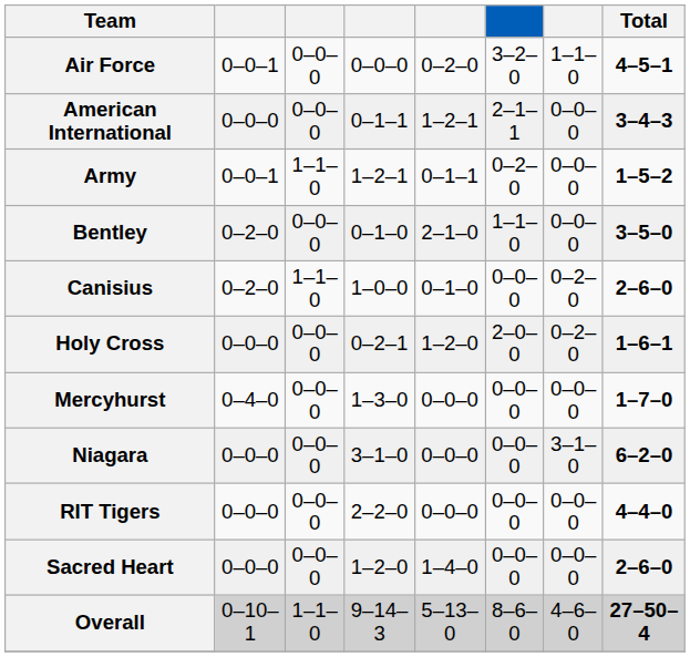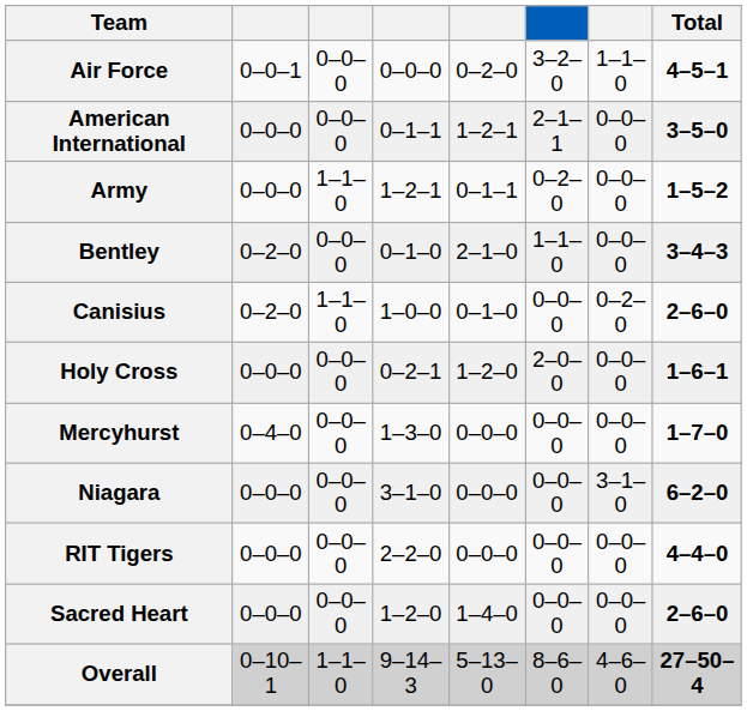 <table class="wikitable" style="text-align: center; "width=60%">
 <tr>
 <th>Team</th>
 <th><a href='#'></a></th>
 <th><a href='#'></a></th>
 <th><a href='#'></a></th>
 <th><a href='#'></a></th>
 <th style="color:white; background:#005EB8"><a href='#'></a></th>
 <th><a href='#'></a></th>
 <th>Total</th>
 </tr>
 <tr>
 <th>Air Force</th>
 <td>0–0–1</td>
 <td>0–0–0</td>
 <td>0–0–0</td>
 <td>0–2–0</td>
 <td>3–2–0</td>
 <td>1–1–0</td>
 <td><strong>4–5–1</strong></td>
 </tr>
 <tr bgcolor=f0f0f0>
 <th>American International</th>
 <td>0–0–0</td>
 <td>0–0–0</td>
 <td>0–1–1</td>
 <td>1–2–1</td>
 <td>2–1–1</td>
 <td>0–0–0</td>
-<td><strong>3–4–3</strong></td>
+<td><strong>3–5–0</strong></td>
 </tr>
 <tr>
 <th>Army</th>
-<td>0–0–1</td>
+<td>0–0–0</td>
 <td>1–1–0</td>
 <td>1–2–1</td>
 <td>0–1–1</td>
 <td>0–2–0</td>
 <td>0–0–0</td>
 <td><strong>1–5–2</strong></td>
 </tr>
 <tr bgcolor=f0f0f0>
 <th>Bentley</th>
 <td>0–2–0</td>
 <td>0–0–0</td>
 <td>0–1–0</td>
 <td>2–1–0</td>
 <td>1–1–0</td>
 <td>0–0–0</td>
-<td><strong>3–5–0</strong></td>
+<td><strong>3–4–3</strong></td>
 </tr>
 <tr>
 <th>Canisius</th>
 <td>0–2–0</td>
 <td>1–1–0</td>
 <td>1–0–0</td>
 <td>0–1–0</td>
 <td>0–0–0</td>
 <td>0–2–0</td>
 <td><strong>2–6–0</strong></td>
 </tr>
 <tr bgcolor=f0f0f0>
 <th>Holy Cross</th>
 <td>0–0–0</td>
 <td>0–0–0</td>
 <td>0–2–1</td>
 <td>1–2–0</td>
 <td>2–0–0</td>
-<td>0–2–0</td>
+<td>0–0–0</td>
 <td><strong>1–6–1</strong></td>
 </tr>
 <tr>
 <th>Mercyhurst</th>
 <td>0–4–0</td>
 <td>0–0–0</td>
 <td>1–3–0</td>
 <td>0–0–0</td>
 <td>0–0–0</td>
 <td>0–0–0</td>
 <td><strong>1–7–0</strong></td>
 </tr>
 <tr bgcolor=f0f0f0>
 <th>Niagara</th>
 <td>0–0–0</td>
 <td>0–0–0</td>
 <td>3–1–0</td>
 <td>0–0–0</td>
 <td>0–0–0</td>
 <td>3–1–0</td>
 <td><strong>6–2–0</strong></td>
 </tr>
 <tr>
 <th>RIT Tigers</th>
 <td>0–0–0</td>
 <td>0–0–0</td>
 <td>2–2–0</td>
 <td>0–0–0</td>
 <td>0–0–0</td>
 <td>0–0–0</td>
 <td><strong>4–4–0</strong></td>
 </tr>
 <tr bgcolor=f0f0f0>
 <th>Sacred Heart</th>
 <td>0–0–0</td>
 <td>0–0–0</td>
 <td>1–2–0</td>
 <td>1–4–0</td>
 <td>0–0–0</td>
 <td>0–0–0</td>
 <td><strong>2–6–0</strong></td>
 </tr>
 <tr bgcolor=d0d0d0>
 <th>Overall</th>
 <td>0–10–1</td>
 <td>1–1–0</td>
 <td>9–14–3</td>
 <td>5–13–0</td>
 <td>8–6–0</td>
 <td>4–6–0</td>
 <td><strong>27–50–4</strong></td>
 </tr>
 <tr>
 </tr>
 </table>
